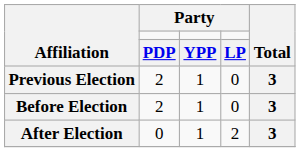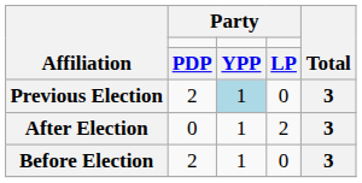 <table class=wikitable style="text-align:center">
 <tr style="vertical-align:bottom;">
 <th rowspan=3>Affiliation</th>
 <th colspan=3>Party</th>
 <th rowspan=3>Total</th>
 </tr>
 <tr>
 <td style="background-color:"></td>
 <td style="background-color:"></td>
 <td style="background-color:"></td>
 </tr>
 <tr>
 <th><a href='#'>PDP</a></th>
 <th><a href='#'>YPP</a></th>
 <th><a href='#'>LP</a></th>
 </tr>
 <tr>
 <th>Previous Election</th>
 <td>2</td>
-<td>1</td>
-<td>0</td>
-<th>3</th>
-</tr>
-<tr>
-<th>Before Election</th>
-<td>2</td>
-<td>1</td>
+<td style="background: lightblue;">1</td>
 <td>0</td>
 <th>3</th>
 </tr>
 <tr>
 <th>After Election</th>
 <td>0</td>
 <td>1</td>
 <td>2</td>
 <th>3</th>
 </tr>
 <tr>
+<th>Before Election</th>
+<td>2</td>
+<td>1</td>
+<td>0</td>
+<th>3</th>
+</tr>
+<tr>
 </tr>
 </table>
